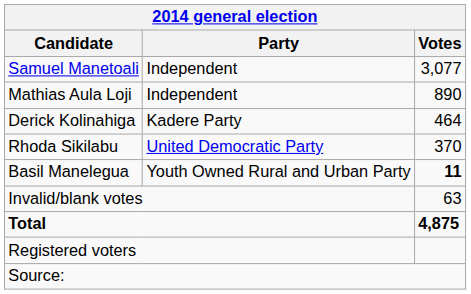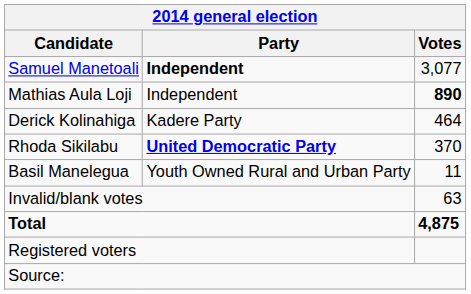 <table class=wikitable style=text-align:left>
 <tr>
 <th colspan=3><a href='#'>2014 general election</a></th>
 </tr>
 <tr>
 <th>Candidate</th>
 <th>Party</th>
 <th>Votes</th>
 </tr>
 <tr>
 <td><a href='#'>Samuel Manetoali</a></td>
-<td>Independent</td>
+<td><strong>Independent</strong></td>
 <td align=right>3,077</td>
 </tr>
 <tr>
 <td>Mathias Aula Loji</td>
 <td>Independent</td>
-<td align=right>890</td>
+<td align=right><strong>890</strong></td>
 </tr>
 <tr>
 <td>Derick Kolinahiga</td>
 <td>Kadere Party</td>
 <td align="right">464</td>
 </tr>
 <tr>
 <td>Rhoda Sikilabu</td>
-<td><a href='#'>United Democratic Party</a></td>
+<td><strong><a href='#'>United Democratic Party</a></strong></td>
 <td align=right>370</td>
 </tr>
 <tr>
 <td>Basil Manelegua</td>
 <td>Youth Owned Rural and Urban Party</td>
-<td align=right><strong>11</strong></td>
+<td align=right>11</td>
 </tr>
 <tr>
 <td colspan=2>Invalid/blank votes</td>
 <td align=right>63</td>
 </tr>
 <tr>
 <td colspan=2><strong>Total</strong></td>
 <td><strong>4,875</strong></td>
 </tr>
 <tr>
 <td colspan=2>Registered voters</td>
 <td></td>
 </tr>
 <tr>
 <td colspan=3>Source: </td>
 </tr>
 </table>
